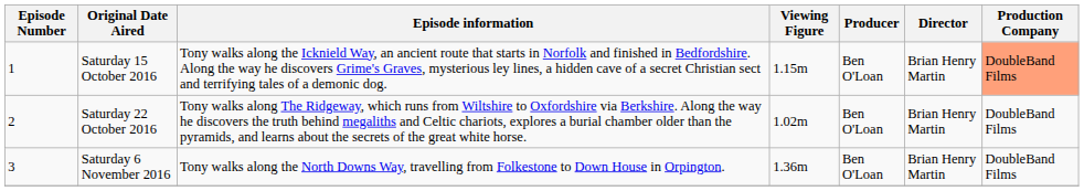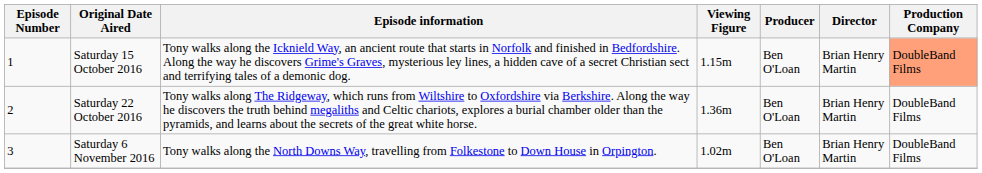 <table class="wikitable sortable">
 <tr>
 <th>Episode Number</th>
 <th>Original Date Aired</th>
 <th>Episode information</th>
 <th>Viewing Figure</th>
 <th>Producer</th>
 <th>Director</th>
 <th>Production Company</th>
 </tr>
 <tr>
 <td>1</td>
 <td>Saturday 15 October 2016</td>
 <td>Tony walks along the <a href='#'>Icknield Way</a>, an ancient route that starts in <a href='#'>Norfolk</a> and finished in <a href='#'>Bedfordshire</a>. Along the way he discovers <a href='#'>Grime's Graves</a>, mysterious ley lines, a hidden cave of a secret Christian sect and terrifying tales of a demonic dog.</td>
 <td>1.15m</td>
 <td>Ben O'Loan</td>
 <td>Brian Henry Martin</td>
 <td style="background: lightsalmon;">DoubleBand Films</td>
 </tr>
 <tr>
 <td>2</td>
 <td>Saturday 22 October 2016</td>
 <td>Tony walks along <a href='#'>The Ridgeway</a>, which runs from <a href='#'>Wiltshire</a> to <a href='#'>Oxfordshire</a> via <a href='#'>Berkshire</a>. Along the way he discovers the truth behind <a href='#'>megaliths</a> and Celtic chariots, explores a burial chamber older than the pyramids, and learns about the secrets of the great white horse.</td>
-<td>1.02m</td>
+<td>1.36m</td>
 <td>Ben O'Loan</td>
 <td>Brian Henry Martin</td>
 <td>DoubleBand Films</td>
 </tr>
 <tr>
 <td>3</td>
 <td>Saturday 6 November 2016</td>
 <td>Tony walks along the <a href='#'>North Downs Way</a>, travelling from <a href='#'>Folkestone</a> to <a href='#'>Down House</a> in <a href='#'>Orpington</a>.</td>
-<td>1.36m</td>
+<td>1.02m</td>
 <td>Ben O'Loan</td>
 <td>Brian Henry Martin</td>
 <td>DoubleBand Films</td>
 </tr>
 <tr>
 </tr>
 </table>
